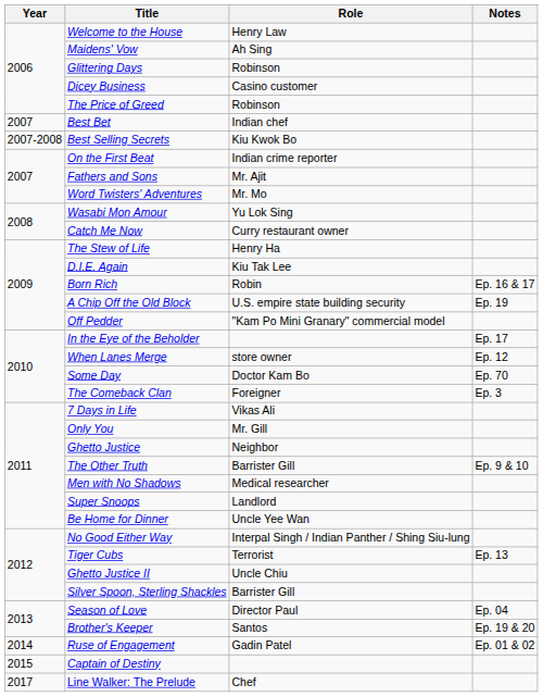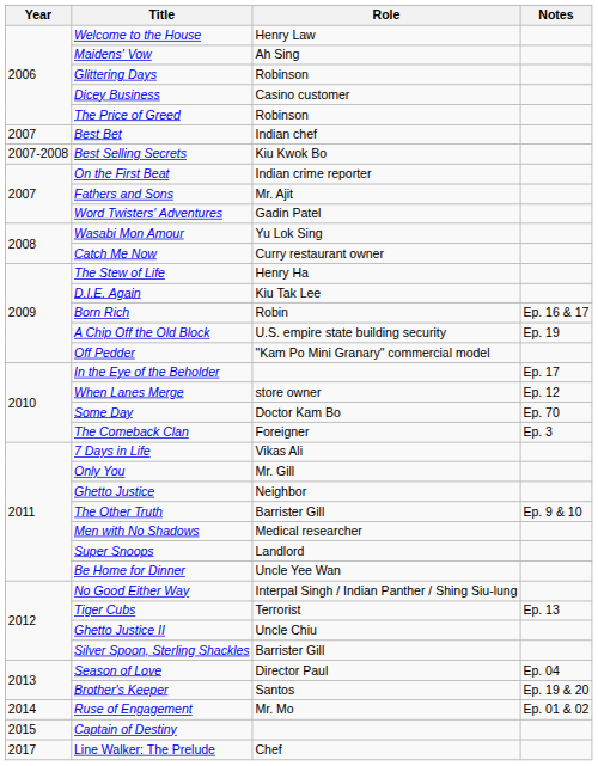 <table class="wikitable" style="font-size: 90%;">
 <tr>
 <th>Year</th>
 <th>Title</th>
 <th>Role</th>
 <th>Notes</th>
 </tr>
 <tr>
 <td rowspan="5">2006</td>
 <td><em><a href='#'>Welcome to the House</a></em></td>
 <td>Henry Law</td>
 <td></td>
 </tr>
 <tr>
 <td><em><a href='#'>Maidens' Vow</a></em></td>
 <td>Ah Sing</td>
 <td></td>
 </tr>
 <tr>
 <td><em><a href='#'>Glittering Days</a></em></td>
 <td>Robinson</td>
 <td></td>
 </tr>
 <tr>
 <td><em><a href='#'>Dicey Business</a></em></td>
 <td>Casino customer</td>
 <td></td>
 </tr>
 <tr>
 <td><em><a href='#'>The Price of Greed</a></em></td>
 <td>Robinson</td>
 <td></td>
 </tr>
 <tr>
 <td>2007</td>
 <td><em><a href='#'>Best Bet</a></em></td>
 <td>Indian chef</td>
 <td></td>
 </tr>
 <tr>
 <td>2007-2008</td>
 <td><em><a href='#'>Best Selling Secrets</a></em></td>
 <td>Kiu Kwok Bo</td>
 <td></td>
 </tr>
 <tr>
 <td rowspan="3">2007</td>
 <td><em><a href='#'>On the First Beat</a></em></td>
 <td>Indian crime reporter</td>
 <td></td>
 </tr>
 <tr>
 <td><em><a href='#'>Fathers and Sons</a></em></td>
 <td>Mr. Ajit</td>
 <td></td>
 </tr>
 <tr>
 <td><em><a href='#'>Word Twisters' Adventures</a></em></td>
-<td>Mr. Mo</td>
+<td>Gadin Patel</td>
 <td></td>
 </tr>
 <tr>
 <td rowspan="2">2008</td>
 <td><em><a href='#'>Wasabi Mon Amour</a></em></td>
 <td>Yu Lok Sing</td>
 <td></td>
 </tr>
 <tr>
 <td><em><a href='#'>Catch Me Now</a></em></td>
 <td>Curry restaurant owner</td>
 <td></td>
 </tr>
 <tr>
 <td rowspan="5">2009</td>
 <td><em><a href='#'>The Stew of Life</a></em></td>
 <td>Henry Ha</td>
 <td></td>
 </tr>
 <tr>
 <td><em><a href='#'>D.I.E. Again</a></em></td>
 <td>Kiu Tak Lee</td>
 <td></td>
 </tr>
 <tr>
 <td><em><a href='#'>Born Rich</a></em></td>
 <td>Robin</td>
 <td>Ep. 16 & 17</td>
 </tr>
 <tr>
 <td><em><a href='#'>A Chip Off the Old Block</a></em></td>
 <td>U.S. empire state building security</td>
 <td>Ep. 19</td>
 </tr>
 <tr>
 <td><em><a href='#'>Off Pedder</a></em></td>
 <td>"Kam Po Mini Granary" commercial model</td>
 <td></td>
 </tr>
 <tr>
 <td rowspan=4>2010</td>
 <td><em><a href='#'>In the Eye of the Beholder</a></em></td>
 <td></td>
 <td>Ep. 17</td>
 </tr>
 <tr>
 <td><em><a href='#'>When Lanes Merge</a></em></td>
 <td>store owner</td>
 <td>Ep. 12</td>
 </tr>
 <tr>
 <td><em><a href='#'>Some Day</a></em></td>
 <td>Doctor Kam Bo</td>
 <td>Ep. 70</td>
 </tr>
 <tr>
 <td><em><a href='#'>The Comeback Clan</a></em></td>
 <td>Foreigner</td>
 <td>Ep. 3</td>
 </tr>
 <tr>
 <td rowspan=7>2011</td>
 <td><em><a href='#'>7 Days in Life</a></em></td>
 <td>Vikas Ali</td>
 <td></td>
 </tr>
 <tr>
 <td><em><a href='#'>Only You</a></em></td>
 <td>Mr. Gill</td>
 <td></td>
 </tr>
 <tr>
 <td><em><a href='#'>Ghetto Justice</a></em></td>
 <td>Neighbor</td>
 <td></td>
 </tr>
 <tr>
 <td><em><a href='#'>The Other Truth</a></em></td>
 <td>Barrister Gill</td>
 <td>Ep. 9 & 10</td>
 </tr>
 <tr>
 <td><em><a href='#'>Men with No Shadows</a></em></td>
 <td>Medical researcher</td>
 <td></td>
 </tr>
 <tr>
 <td><em><a href='#'>Super Snoops</a></em></td>
 <td>Landlord</td>
 <td></td>
 </tr>
 <tr>
 <td><em><a href='#'>Be Home for Dinner</a></em></td>
 <td>Uncle Yee Wan</td>
 <td></td>
 </tr>
 <tr>
 <td rowspan=4>2012</td>
 <td><em><a href='#'>No Good Either Way</a></em></td>
 <td>Interpal Singh / Indian Panther / Shing Siu-lung</td>
 <td></td>
 </tr>
 <tr>
 <td><em><a href='#'>Tiger Cubs</a></em></td>
 <td>Terrorist</td>
 <td>Ep. 13</td>
 </tr>
 <tr>
 <td><em><a href='#'>Ghetto Justice II</a></em></td>
 <td>Uncle Chiu</td>
 <td></td>
 </tr>
 <tr>
 <td><em><a href='#'>Silver Spoon, Sterling Shackles</a></em></td>
 <td>Barrister Gill</td>
 <td></td>
 </tr>
 <tr>
 <td rowspan=2>2013</td>
 <td><em><a href='#'>Season of Love</a></em></td>
 <td>Director Paul</td>
 <td>Ep. 04</td>
 </tr>
 <tr>
 <td><em><a href='#'>Brother's Keeper</a></em></td>
 <td>Santos</td>
 <td>Ep. 19 & 20</td>
 </tr>
 <tr>
 <td>2014</td>
 <td><em><a href='#'>Ruse of Engagement</a></em></td>
-<td>Gadin Patel</td>
+<td>Mr. Mo</td>
 <td>Ep. 01 & 02</td>
 </tr>
 <tr>
 <td>2015</td>
 <td><em><a href='#'>Captain of Destiny</a></em></td>
 <td></td>
 <td></td>
 </tr>
 <tr>
 <td>2017</td>
 <td><a href='#'>Line Walker: The Prelude</a></td>
 <td>Chef</td>
 <td></td>
 </tr>
 </table>
